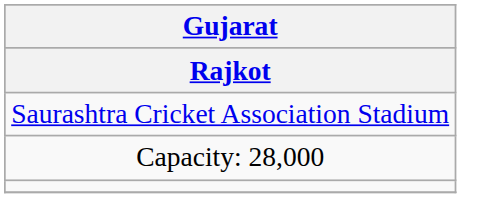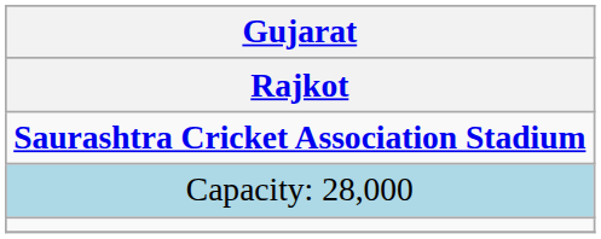 <table class="wikitable" style="text-align:center">
 <tr>
 <th colspan="3"><a href='#'>Gujarat</a></th>
 </tr>
 <tr>
 <th><a href='#'>Rajkot</a></th>
 </tr>
 <tr>
-<td><a href='#'>Saurashtra Cricket Association Stadium</a></td>
+<td><strong><a href='#'>Saurashtra Cricket Association Stadium</a></strong></td>
 </tr>
 <tr>
-<td>Capacity: 28,000</td>
+<td style="background: lightblue;">Capacity: 28,000</td>
 </tr>
 <tr>
 <td></td>
 </tr>
 <tr>
 </tr>
 </table>
